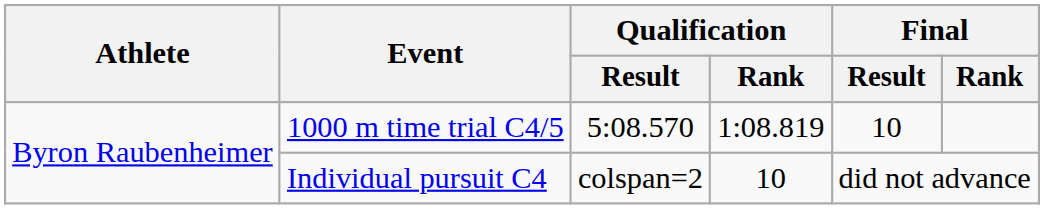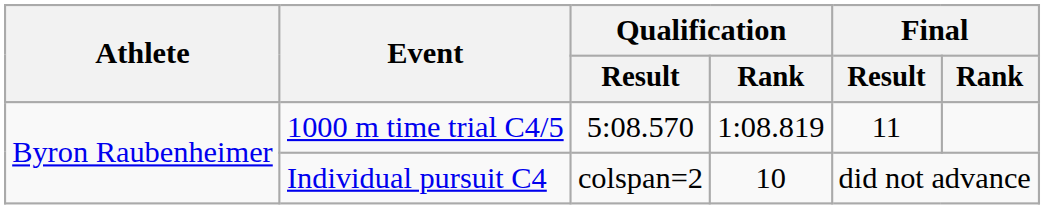 <table class="wikitable" style="font-size:90%;text-align:center;">
 <tr>
 <th rowspan="2">Athlete</th>
 <th rowspan="2">Event</th>
 <th colspan="2">Qualification</th>
 <th colspan="2">Final</th>
 </tr>
 <tr style="font-size:95%">
 <th>Result</th>
 <th>Rank</th>
 <th>Result</th>
 <th>Rank</th>
 </tr>
 <tr>
 <td style="text-align:left;" rowspan=2><a href='#'>Byron Raubenheimer</a></td>
 <td style="text-align:left;"><a href='#'>1000 m time trial C4/5</a></td>
 <td>5:08.570</td>
 <td>1:08.819</td>
-<td>10</td>
+<td>11</td>
 </tr>
 <tr>
 <td style="text-align:left;"><a href='#'>Individual pursuit C4</a></td>
 <td>colspan=2 </td>
 <td>10</td>
 <td colspan=2>did not advance</td>
 </tr>
 </table>
